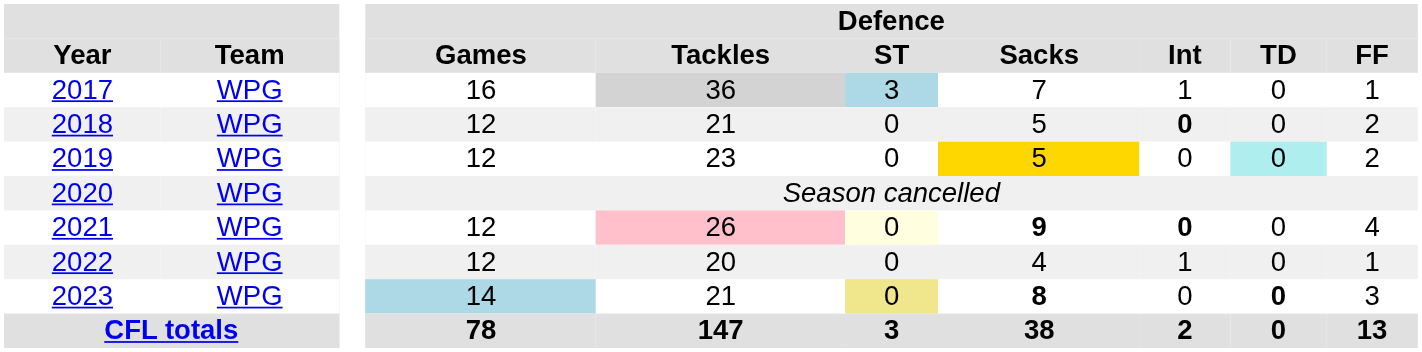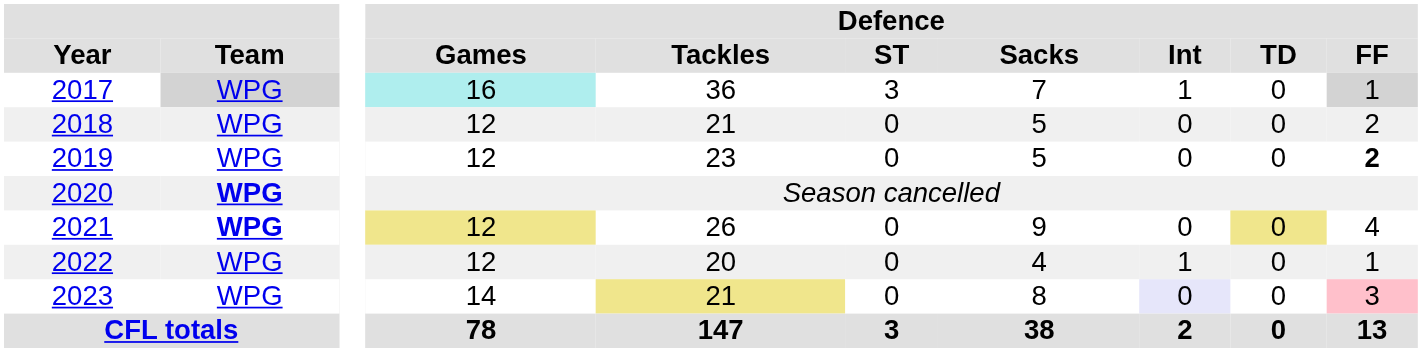 <table BORDER="0" CELLPADDING="1" CELLSPACING="0" width="65%" style="text-align:center">
 <tr bgcolor="#e0e0e0">
 <th colspan="2"></th>
 <th rowspan="101" bgcolor="#ffffff"> </th>
 <th colspan="7">Defence</th>
 </tr>
 <tr bgcolor="#e0e0e0">
 <th>Year</th>
 <th>Team</th>
 <th>Games</th>
 <th>Tackles</th>
 <th>ST</th>
 <th>Sacks</th>
 <th>Int</th>
 <th>TD</th>
 <th>FF</th>
 </tr>
 <tr>
 <td><a href='#'>2017</a></td>
-<td><a href='#'>WPG</a></td>
-<td>16</td>
-<td style="background: lightgrey;">36</td>
-<td style="background: lightblue;">3</td>
+<td style="background: lightgrey;"><a href='#'>WPG</a></td>
+<td style="background: paleturquoise;">16</td>
+<td>36</td>
+<td>3</td>
 <td>7</td>
 <td>1</td>
 <td>0</td>
-<td>1</td>
+<td style="background: lightgrey;">1</td>
 </tr>
 <tr ALIGN="center" bgcolor="#f0f0f0">
 <td><a href='#'>2018</a></td>
 <td><a href='#'>WPG</a></td>
 <td>12</td>
 <td>21</td>
 <td>0</td>
 <td>5</td>
-<td><strong>0</strong></td>
+<td>0</td>
 <td>0</td>
 <td>2</td>
 </tr>
 <tr ALIGN="center">
 <td><a href='#'>2019</a></td>
 <td><a href='#'>WPG</a></td>
 <td>12</td>
 <td>23</td>
 <td>0</td>
-<td style="background: gold;">5</td>
+<td>5</td>
 <td>0</td>
-<td style="background: paleturquoise;">0</td>
-<td>2</td>
+<td>0</td>
+<td><strong>2</strong></td>
 </tr>
 <tr ALIGN="center" bgcolor="#f0f0f0">
 <td><a href='#'>2020</a></td>
-<td><a href='#'>WPG</a></td>
+<td><strong><a href='#'>WPG</a></strong></td>
 <td colspan="10"><em>Season cancelled</em></td>
 </tr>
 <tr ALIGN="center">
 <td><a href='#'>2021</a></td>
-<td><a href='#'>WPG</a></td>
-<td>12</td>
-<td style="background: pink;">26</td>
-<td style="background: lightyellow;">0</td>
-<td><strong>9</strong></td>
-<td><strong>0</strong></td>
+<td><strong><a href='#'>WPG</a></strong></td>
+<td style="background: khaki;">12</td>
+<td>26</td>
 <td>0</td>
+<td>9</td>
+<td>0</td>
+<td style="background: khaki;">0</td>
 <td>4</td>
 </tr>
 <tr>
 </tr>
 <tr ALIGN="center" bgcolor="#f0f0f0">
 <td><a href='#'>2022</a></td>
 <td><a href='#'>WPG</a></td>
 <td>12</td>
 <td>20</td>
 <td>0</td>
 <td>4</td>
 <td>1</td>
 <td>0</td>
 <td>1</td>
 </tr>
 <tr ALIGN="center">
 <td><a href='#'>2023</a></td>
 <td><a href='#'>WPG</a></td>
-<td style="background: lightblue;">14</td>
-<td>21</td>
-<td style="background: khaki;">0</td>
-<td><strong>8</strong></td>
+<td>14</td>
+<td style="background: khaki;">21</td>
 <td>0</td>
-<td><strong>0</strong></td>
-<td>3</td>
+<td>8</td>
+<td style="background: lavender;">0</td>
+<td>0</td>
+<td style="background: pink;">3</td>
 </tr>
 <tr bgcolor="#e0e0e0">
 <th colspan="2"><a href='#'>CFL totals</a></th>
 <th>78</th>
 <th>147</th>
 <th>3</th>
 <th>38</th>
 <th>2</th>
 <th>0</th>
 <th>13</th>
 </tr>
 </table>
